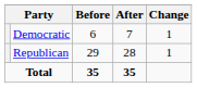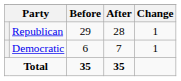 <table class="wikitable" style="text-align:center;">
 <tr>
 </tr>
 <tr>
 <th colspan=2>Party</th>
 <th>Before</th>
 <th>After</th>
 <th>Change</th>
 </tr>
 <tr>
 <th style="background-color:"></th>
-<td style="text-align:left;"><a href='#'>Democratic</a></td>
-<td>6</td>
-<td>7</td>
+<td style="text-align:left;"><a href='#'>Republican</a></td>
+<td>29</td>
+<td>28</td>
 <td> 1</td>
 </tr>
 <tr>
 <th style="background-color:"></th>
-<td style="text-align:left;"><a href='#'>Republican</a></td>
-<td>29</td>
-<td>28</td>
+<td style="text-align:left;"><a href='#'>Democratic</a></td>
+<td>6</td>
+<td>7</td>
 <td> 1</td>
 </tr>
 <tr>
 <td colspan=2><strong>Total</strong></td>
 <td><strong>35</strong></td>
 <td><strong>35</strong></td>
 <td></td>
 </tr>
 </table>
